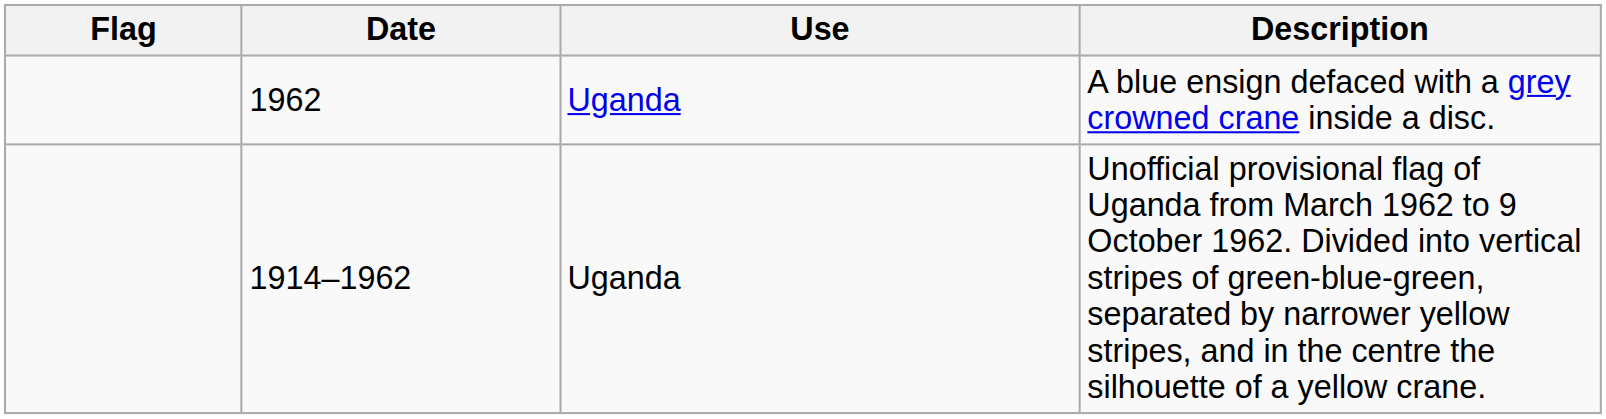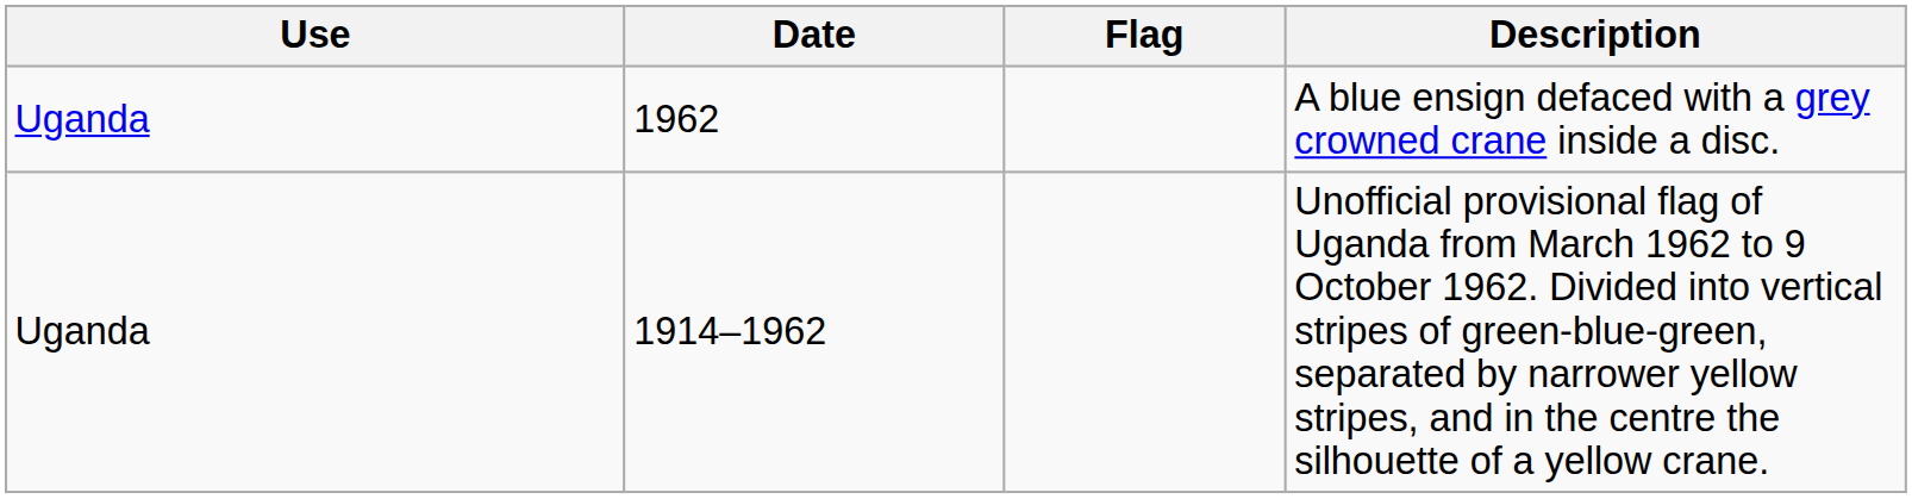 <table class="wikitable">
 <tr style="background:#efefef;">
+<th style="width:250px;">Use</th>
+<th style="width:150px;">Date</th>
 <th style="width:110px;">Flag</th>
-<th style="width:150px;">Date</th>
-<th style="width:250px;">Use</th>
 <th style="width:250px;">Description</th>
 </tr>
 <tr>
+<td><a href='#'>Uganda</a></td>
+<td>1962</td>
 <td></td>
-<td>1962</td>
-<td><a href='#'>Uganda</a></td>
 <td>A blue ensign defaced with a <a href='#'>grey crowned crane</a> inside a disc.</td>
 </tr>
 <tr>
+<td>Uganda</td>
+<td>1914–1962</td>
 <td></td>
-<td>1914–1962</td>
-<td>Uganda</td>
 <td>Unofficial provisional flag of Uganda from March 1962 to 9 October 1962. Divided into vertical stripes of green-blue-green, separated by narrower yellow stripes, and in the centre the silhouette of a yellow crane.</td>
 </tr>
 </table>
